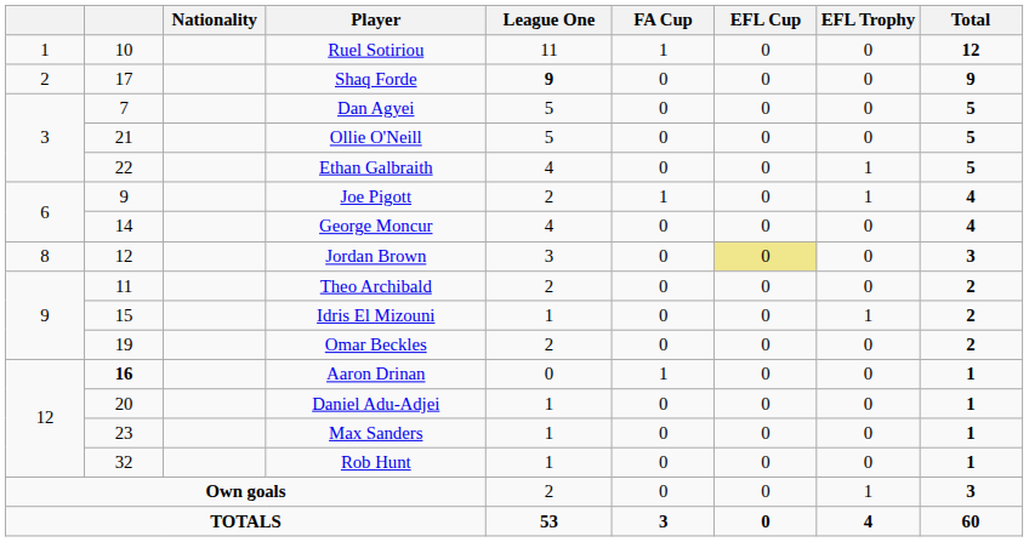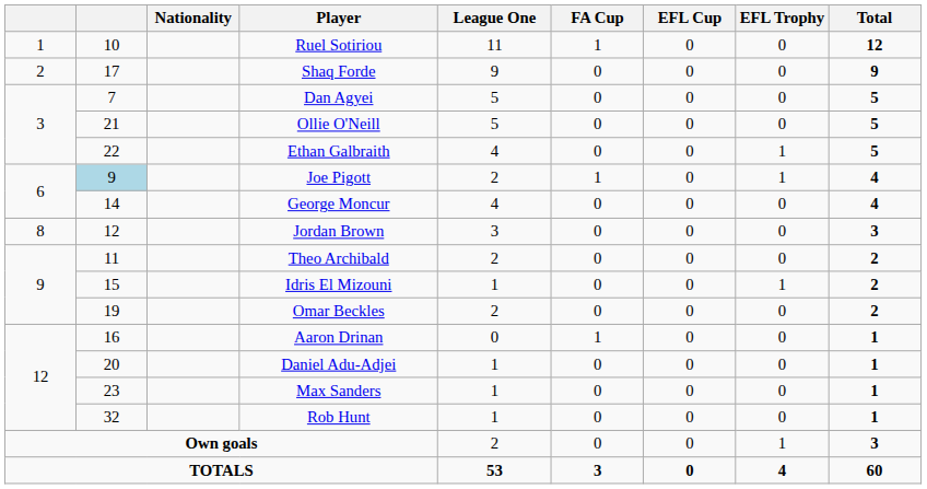 <table class="wikitable" style="font-size: 95%; text-align: center;">
 <tr>
 <th width=60></th>
 <th width=60></th>
 <th width=80>Nationality</th>
 <th width=180>Player</th>
 <th width=100>League One</th>
 <th width=80>FA Cup</th>
 <th width=80>EFL Cup</th>
 <th width=80>EFL Trophy</th>
 <th width=80>Total</th>
 </tr>
 <tr>
 <td rowspan=1>1</td>
 <td>10</td>
 <td></td>
 <td><a href='#'>Ruel Sotiriou</a></td>
 <td>11</td>
 <td>1</td>
 <td>0</td>
 <td>0</td>
 <td><strong>12</strong></td>
 </tr>
 <tr>
 <td rowspan=1>2</td>
 <td>17</td>
 <td></td>
 <td><a href='#'>Shaq Forde</a></td>
-<td><strong>9</strong></td>
+<td>9</td>
 <td>0</td>
 <td>0</td>
 <td>0</td>
 <td><strong>9</strong></td>
 </tr>
 <tr>
 <td rowspan=3>3</td>
 <td>7</td>
 <td></td>
 <td><a href='#'>Dan Agyei</a></td>
 <td>5</td>
 <td>0</td>
 <td>0</td>
 <td>0</td>
 <td><strong>5</strong></td>
 </tr>
 <tr>
 <td>21</td>
 <td></td>
 <td><a href='#'>Ollie O'Neill</a></td>
 <td>5</td>
 <td>0</td>
 <td>0</td>
 <td>0</td>
 <td><strong>5</strong></td>
 </tr>
 <tr>
 <td>22</td>
 <td></td>
 <td><a href='#'>Ethan Galbraith</a></td>
 <td>4</td>
 <td>0</td>
 <td>0</td>
 <td>1</td>
 <td><strong>5</strong></td>
 </tr>
 <tr>
 <td rowspan=2>6</td>
-<td>9</td>
+<td style="background: lightblue;">9</td>
 <td></td>
 <td><a href='#'>Joe Pigott</a></td>
 <td>2</td>
 <td>1</td>
 <td>0</td>
 <td>1</td>
 <td><strong>4</strong></td>
 </tr>
 <tr>
 <td>14</td>
 <td></td>
 <td><a href='#'>George Moncur</a></td>
 <td>4</td>
 <td>0</td>
 <td>0</td>
 <td>0</td>
 <td><strong>4</strong></td>
 </tr>
 <tr>
 <td rowspan=1>8</td>
 <td>12</td>
 <td></td>
 <td><a href='#'>Jordan Brown</a></td>
 <td>3</td>
 <td>0</td>
-<td style="background: khaki;">0</td>
+<td>0</td>
 <td>0</td>
 <td><strong>3</strong></td>
 </tr>
 <tr>
 <td rowspan=3>9</td>
 <td>11</td>
 <td></td>
 <td><a href='#'>Theo Archibald</a></td>
 <td>2</td>
 <td>0</td>
 <td>0</td>
 <td>0</td>
 <td><strong>2</strong></td>
 </tr>
 <tr>
 <td>15</td>
 <td></td>
 <td><a href='#'>Idris El Mizouni</a></td>
 <td>1</td>
 <td>0</td>
 <td>0</td>
 <td>1</td>
 <td><strong>2</strong></td>
 </tr>
 <tr>
 <td>19</td>
 <td></td>
 <td><a href='#'>Omar Beckles</a></td>
 <td>2</td>
 <td>0</td>
 <td>0</td>
 <td>0</td>
 <td><strong>2</strong></td>
 </tr>
 <tr>
 <td rowspan=4>12</td>
-<td><strong>16</strong></td>
+<td>16</td>
 <td></td>
 <td><a href='#'>Aaron Drinan</a></td>
 <td>0</td>
 <td>1</td>
 <td>0</td>
 <td>0</td>
 <td><strong>1</strong></td>
 </tr>
 <tr>
 <td>20</td>
 <td></td>
 <td><a href='#'>Daniel Adu-Adjei</a></td>
 <td>1</td>
 <td>0</td>
 <td>0</td>
 <td>0</td>
 <td><strong>1</strong></td>
 </tr>
 <tr>
 <td>23</td>
 <td></td>
 <td><a href='#'>Max Sanders</a></td>
 <td>1</td>
 <td>0</td>
 <td>0</td>
 <td>0</td>
 <td><strong>1</strong></td>
 </tr>
 <tr>
 <td>32</td>
 <td></td>
 <td><a href='#'>Rob Hunt</a></td>
 <td>1</td>
 <td>0</td>
 <td>0</td>
 <td>0</td>
 <td><strong>1</strong></td>
 </tr>
 <tr>
 <td colspan=4><strong>Own goals</strong></td>
 <td>2</td>
 <td>0</td>
 <td>0</td>
 <td>1</td>
 <td><strong>3</strong></td>
 </tr>
 <tr>
 <td colspan=4><strong>TOTALS</strong></td>
 <td><strong>53</strong></td>
 <td><strong>3</strong></td>
 <td><strong>0</strong></td>
 <td><strong>4</strong></td>
 <td><strong>60</strong></td>
 </tr>
 </table>
